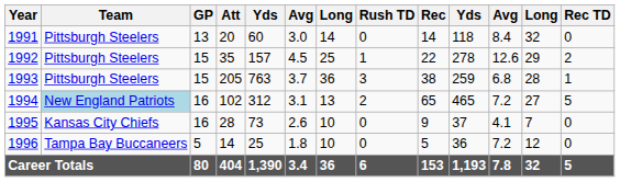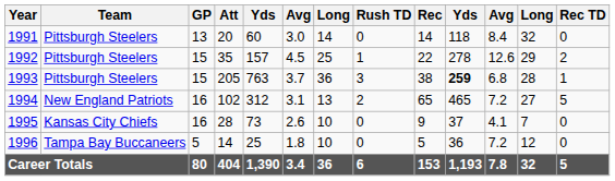 <table class="wikitable">
 <tr>
 <th>Year</th>
 <th>Team</th>
 <th>GP</th>
 <th>Att</th>
 <th>Yds</th>
 <th>Avg</th>
 <th>Long</th>
 <th>Rush TD</th>
 <th>Rec</th>
 <th>Yds</th>
 <th>Avg</th>
 <th>Long</th>
 <th>Rec TD</th>
 </tr>
 <tr>
 <td><a href='#'>1991</a></td>
 <td><a href='#'>Pittsburgh Steelers</a></td>
 <td>13</td>
 <td>20</td>
 <td>60</td>
 <td>3.0</td>
 <td>14</td>
 <td>0</td>
 <td>14</td>
 <td>118</td>
 <td>8.4</td>
 <td>32</td>
 <td>0</td>
 </tr>
 <tr>
 <td><a href='#'>1992</a></td>
 <td><a href='#'>Pittsburgh Steelers</a></td>
 <td>15</td>
 <td>35</td>
 <td>157</td>
 <td>4.5</td>
 <td>25</td>
 <td>1</td>
 <td>22</td>
 <td>278</td>
 <td>12.6</td>
 <td>29</td>
 <td>2</td>
 </tr>
 <tr>
 <td><a href='#'>1993</a></td>
 <td><a href='#'>Pittsburgh Steelers</a></td>
 <td>15</td>
 <td>205</td>
 <td>763</td>
 <td>3.7</td>
 <td>36</td>
 <td>3</td>
 <td>38</td>
-<td>259</td>
+<td><strong>259</strong></td>
 <td>6.8</td>
 <td>28</td>
 <td>1</td>
 </tr>
 <tr>
 <td><a href='#'>1994</a></td>
-<td style="background: lightblue;"><a href='#'>New England Patriots</a></td>
+<td><a href='#'>New England Patriots</a></td>
 <td>16</td>
 <td>102</td>
 <td>312</td>
 <td>3.1</td>
 <td>13</td>
 <td>2</td>
 <td>65</td>
 <td>465</td>
 <td>7.2</td>
 <td>27</td>
 <td>5</td>
 </tr>
 <tr>
 <td><a href='#'>1995</a></td>
 <td><a href='#'>Kansas City Chiefs</a></td>
 <td>16</td>
 <td>28</td>
 <td>73</td>
 <td>2.6</td>
 <td>10</td>
 <td>0</td>
 <td>9</td>
 <td>37</td>
 <td>4.1</td>
 <td>7</td>
 <td>0</td>
 </tr>
 <tr>
 <td><a href='#'>1996</a></td>
 <td><a href='#'>Tampa Bay Buccaneers</a></td>
 <td>5</td>
 <td>14</td>
 <td>25</td>
 <td>1.8</td>
 <td>10</td>
 <td>0</td>
 <td>5</td>
 <td>36</td>
 <td>7.2</td>
 <td>12</td>
 <td>0</td>
 </tr>
 <tr style="background:#555555;font-weight:bold;color:white;">
 <td colspan=2>Career Totals</td>
 <td>80</td>
 <td>404</td>
 <td>1,390</td>
 <td>3.4</td>
 <td>36</td>
 <td>6</td>
 <td>153</td>
 <td>1,193</td>
 <td>7.8</td>
 <td>32</td>
 <td>5</td>
 </tr>
 <tr style="background:#555555;font-weight:bold;color:white;">
 </tr>
 </table>
